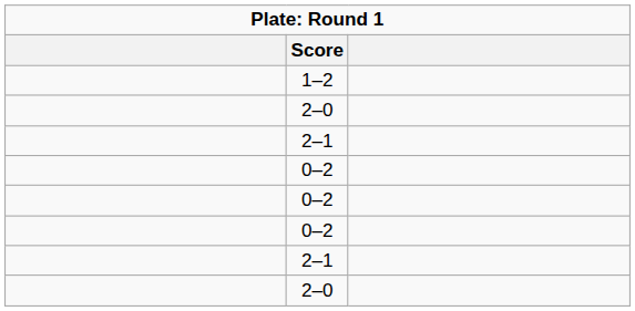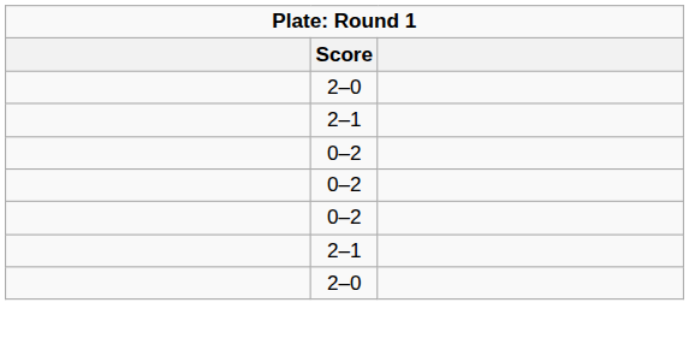 <table class="wikitable" style="text-align: center; display: inline-table;">
 <tr>
 <td colspan="3"><strong>Plate: Round 1</strong></td>
 </tr>
 <tr>
 <th scope="col" style="width: 230px;"></th>
 <th scope="col" style="width: 30px;">Score</th>
 <th scope="col" style="width: 230px;"></th>
-</tr>
-<tr>
-<td></td>
-<td>1–2</td>
-<td></td>
 </tr>
 <tr>
 <td></td>
 <td>2–0</td>
 <td></td>
 </tr>
 <tr>
 <td></td>
 <td>2–1</td>
 <td></td>
 </tr>
 <tr>
 <td></td>
 <td>0–2</td>
 <td></td>
 </tr>
 <tr>
 <td></td>
 <td>0–2</td>
 <td></td>
 </tr>
 <tr>
 <td></td>
 <td>0–2</td>
 <td></td>
 </tr>
 <tr>
 <td></td>
 <td>2–1</td>
 <td></td>
 </tr>
 <tr>
 <td></td>
 <td>2–0</td>
 <td></td>
 </tr>
 </table>
